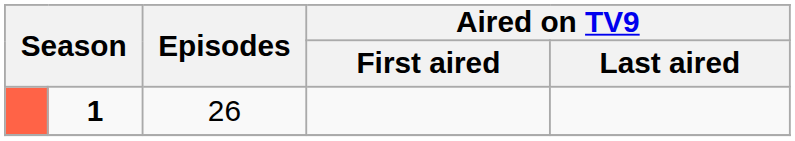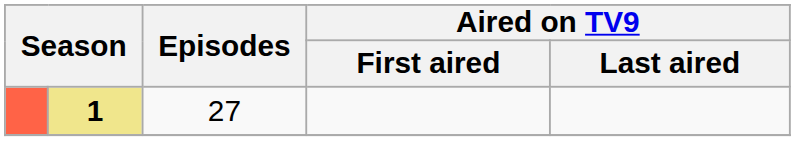 <table class="wikitable">
 <tr>
 <th style="padding:0 8px;" rowspan="2" colspan="2">Season</th>
 <th style="padding:0 8px;" rowspan="2">Episodes</th>
 <th style="padding:0 80px;" colspan="2">Aired on <a href='#'>TV9</a></th>
 </tr>
 <tr>
 <th>First aired</th>
 <th>Last aired</th>
 </tr>
 <tr>
 <td style="background:#FF6347; color:#100; text-align:center;"></td>
-<td style="text-align:center;"><strong>1</strong></td>
-<td style="text-align:center;">26</td>
+<td style="background: khaki; text-align:center;"><strong>1</strong></td>
+<td style="text-align:center;">27</td>
 <td style="text-align:center;"></td>
 <td style="text-align:center;"></td>
 </tr>
 <tr>
 </tr>
 </table>
